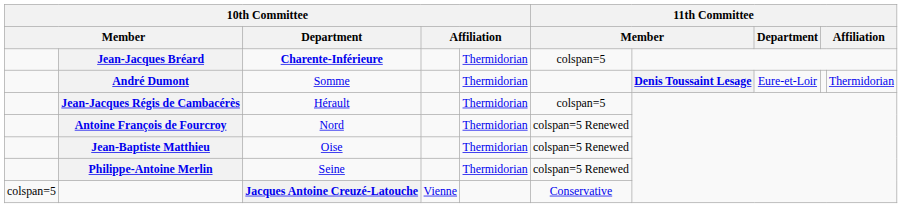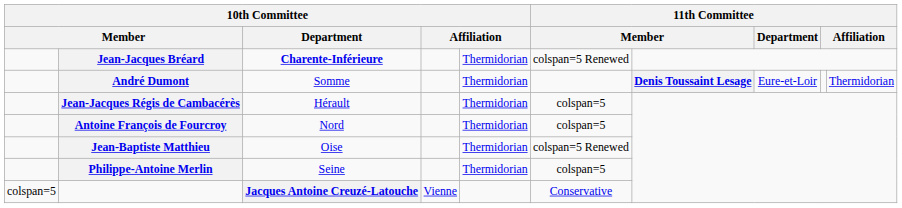 <table class="wikitable" style="line-height:1.4em; text-align:center">
 <tr>
 <th colspan=5>10th Committee<br></th>
 <th colspan=5>11th Committee<br></th>
 </tr>
 <tr>
 <th colspan=2>Member</th>
 <th>Department</th>
 <th colspan=2>Affiliation</th>
 <th colspan=2>Member</th>
 <th>Department</th>
 <th colspan=2>Affiliation</th>
 </tr>
 <tr>
 <td></td>
 <th><a href='#'>Jean-Jacques Bréard</a></th>
 <td><strong><a href='#'>Charente-Inférieure</a></strong></td>
 <td></td>
 <td><a href='#'>Thermidorian</a></td>
-<td>colspan=5 </td>
+<td>colspan=5  Renewed</td>
 </tr>
 <tr>
 <td></td>
 <th><a href='#'>André Dumont</a></th>
 <td><a href='#'>Somme</a></td>
 <td></td>
 <td><a href='#'>Thermidorian</a></td>
 <td></td>
 <th><a href='#'>Denis Toussaint Lesage</a></th>
 <td><a href='#'>Eure-et-Loir</a></td>
 <td></td>
 <td><a href='#'>Thermidorian</a></td>
 </tr>
 <tr>
 <td></td>
 <th><a href='#'>Jean-Jacques Régis de Cambacérès</a></th>
 <td><a href='#'>Hérault</a></td>
 <td></td>
 <td><a href='#'>Thermidorian</a></td>
 <td>colspan=5 </td>
 </tr>
 <tr>
 <td></td>
 <th><a href='#'>Antoine François de Fourcroy</a></th>
 <td><a href='#'>Nord</a></td>
 <td></td>
 <td><a href='#'>Thermidorian</a></td>
-<td>colspan=5  Renewed</td>
+<td>colspan=5 </td>
 </tr>
 <tr>
 <td></td>
 <th><a href='#'>Jean-Baptiste Matthieu</a></th>
 <td><a href='#'>Oise</a></td>
 <td></td>
 <td><a href='#'>Thermidorian</a></td>
 <td>colspan=5  Renewed</td>
 </tr>
 <tr>
 <td></td>
 <th><a href='#'>Philippe-Antoine Merlin</a></th>
 <td><a href='#'>Seine</a></td>
 <td></td>
 <td><a href='#'>Thermidorian</a></td>
-<td>colspan=5  Renewed</td>
+<td>colspan=5 </td>
 </tr>
 <tr>
 <td>colspan=5 </td>
 <td></td>
 <th><a href='#'>Jacques Antoine Creuzé-Latouche</a></th>
 <td><a href='#'>Vienne</a></td>
 <td></td>
 <td><a href='#'>Conservative</a></td>
 </tr>
 </table>
